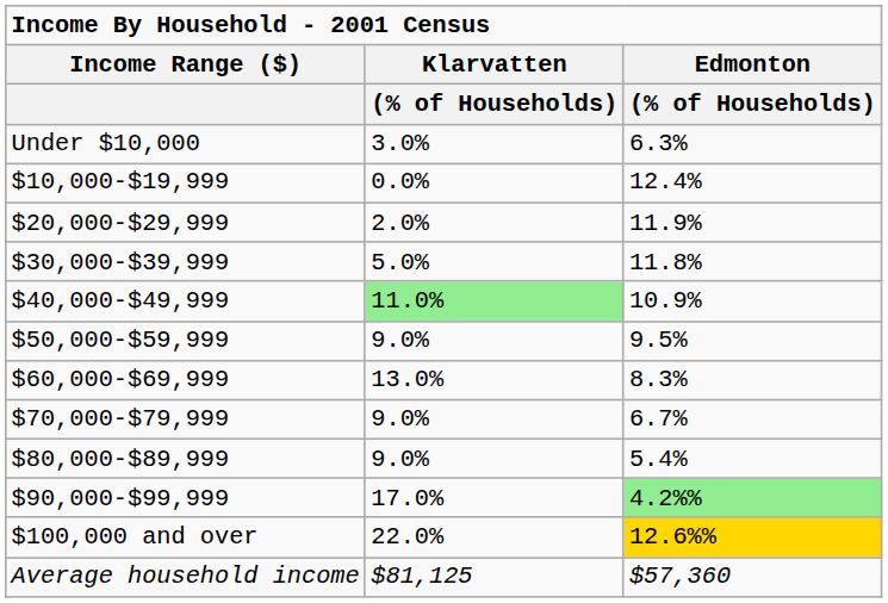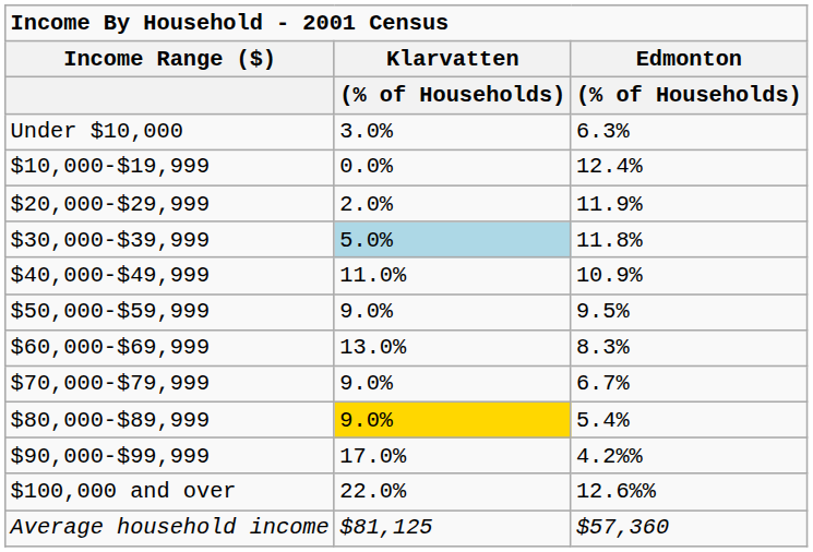 <table class="wikitable">
 <tr>
 <td colspan="3"><strong>Income By Household - 2001 Census</strong></td>
 </tr>
 <tr>
 <th>Income Range ($)</th>
 <th>Klarvatten</th>
 <th>Edmonton</th>
 </tr>
 <tr>
 <th></th>
 <th>(% of Households)</th>
 <th>(% of Households)</th>
 </tr>
 <tr>
 <td>Under $10,000</td>
 <td>3.0%</td>
 <td>6.3%</td>
 </tr>
 <tr>
 <td>$10,000-$19,999</td>
 <td>0.0%</td>
 <td>12.4%</td>
 </tr>
 <tr>
 <td>$20,000-$29,999</td>
 <td>2.0%</td>
 <td>11.9%</td>
 </tr>
 <tr>
 <td>$30,000-$39,999</td>
-<td>5.0%</td>
+<td style="background: lightblue;">5.0%</td>
 <td>11.8%</td>
 </tr>
 <tr>
 <td>$40,000-$49,999</td>
-<td style="background: lightgreen;">11.0%</td>
+<td>11.0%</td>
 <td>10.9%</td>
 </tr>
 <tr>
 <td>$50,000-$59,999</td>
 <td>9.0%</td>
 <td>9.5%</td>
 </tr>
 <tr>
 <td>$60,000-$69,999</td>
 <td>13.0%</td>
 <td>8.3%</td>
 </tr>
 <tr>
 <td>$70,000-$79,999</td>
 <td>9.0%</td>
 <td>6.7%</td>
 </tr>
 <tr>
 <td>$80,000-$89,999</td>
-<td>9.0%</td>
+<td style="background: gold;">9.0%</td>
 <td>5.4%</td>
 </tr>
 <tr>
 <td>$90,000-$99,999</td>
 <td>17.0%</td>
-<td style="background: lightgreen;">4.2%%</td>
+<td>4.2%%</td>
 </tr>
 <tr>
 <td>$100,000 and over</td>
 <td>22.0%</td>
-<td style="background: gold;">12.6%%</td>
+<td>12.6%%</td>
 </tr>
 <tr>
 <td><em>Average household income</em></td>
 <td><em>$81,125</em></td>
 <td><em>$57,360</em></td>
 </tr>
 </table>
